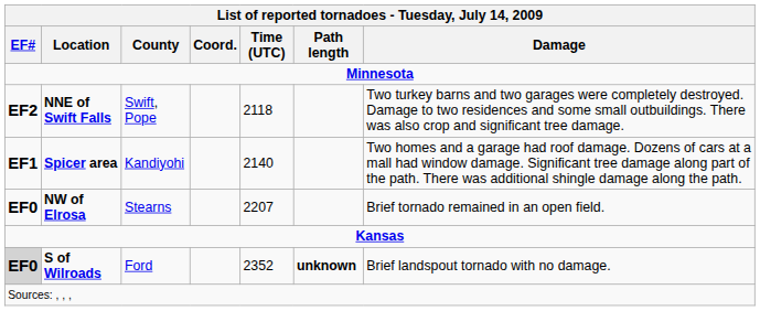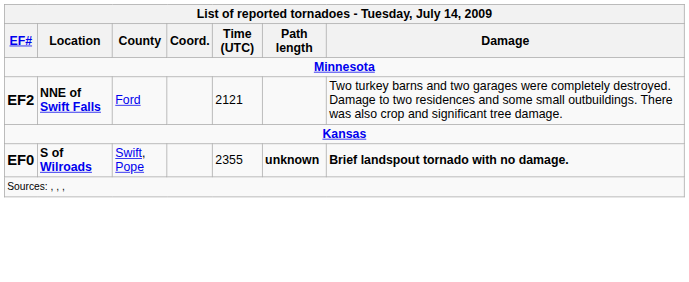 <table class="wikitable collapsible" style="width:100%;">
 <tr>
 <th colspan="7">List of reported tornadoes - Tuesday, July 14, 2009</th>
 </tr>
 <tr>
 <th><a href='#'>EF#</a></th>
 <th>Location</th>
 <th>County</th>
 <th>Coord.</th>
 <th>Time (UTC)</th>
 <th>Path length</th>
 <th>Damage</th>
 </tr>
 <tr>
 <td colspan="7" style="text-align:center;"><strong><a href='#'>Minnesota</a></strong></td>
 </tr>
 <tr>
 <td><big><strong>EF2</strong></big></td>
 <td><strong>NNE of <a href='#'>Swift Falls</a></strong></td>
-<td><a href='#'>Swift</a>, <a href='#'>Pope</a></td>
+<td><a href='#'>Ford</a></td>
 <td></td>
-<td>2118</td>
+<td>2121</td>
 <td></td>
 <td>Two turkey barns and two garages were completely destroyed. Damage to two residences and some small outbuildings. There was also crop and significant tree damage.</td>
-</tr>
-<tr>
-<td><big><strong>EF1</strong></big></td>
-<td><strong><a href='#'>Spicer</a> area</strong></td>
-<td><a href='#'>Kandiyohi</a></td>
-<td></td>
-<td>2140</td>
-<td></td>
-<td>Two homes and a garage had roof damage. Dozens of cars at a mall had window damage. Significant tree damage along part of the path. There was additional shingle damage along the path.</td>
-</tr>
-<tr>
-<td><big><strong>EF0</strong></big></td>
-<td><strong>NW of <a href='#'>Elrosa</a></strong></td>
-<td><a href='#'>Stearns</a></td>
-<td></td>
-<td>2207</td>
-<td></td>
-<td>Brief tornado remained in an open field.</td>
 </tr>
 <tr>
 <td colspan="7" style="text-align:center;"><strong><a href='#'>Kansas</a></strong></td>
 </tr>
 <tr>
-<td style="background: lightgrey;"><big><strong>EF0</strong></big></td>
+<td><big><strong>EF0</strong></big></td>
 <td><strong>S of <a href='#'>Wilroads</a></strong></td>
-<td><a href='#'>Ford</a></td>
+<td><a href='#'>Swift</a>, <a href='#'>Pope</a></td>
 <td></td>
-<td>2352</td>
+<td>2355</td>
 <td><strong>unknown</strong></td>
-<td>Brief landspout tornado with no damage.</td>
+<td><strong>Brief landspout tornado with no damage.</strong></td>
 </tr>
 <tr>
 <td colspan="7"><small>Sources: , , , </small></td>
 </tr>
 </table>
